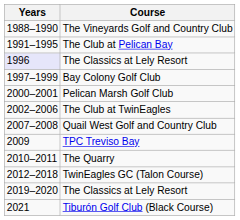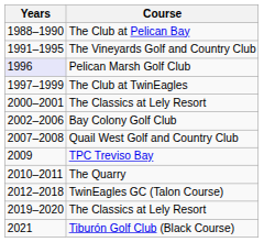 <table class=wikitable>
 <tr>
 <th>Years</th>
 <th>Course</th>
 </tr>
 <tr>
 <td>1988–1990</td>
+<td>The Club at <a href='#'>Pelican Bay</a></td>
+</tr>
+<tr>
+<td>1991–1995</td>
 <td>The Vineyards Golf and Country Club</td>
 </tr>
 <tr>
-<td>1991–1995</td>
-<td>The Club at <a href='#'>Pelican Bay</a></td>
+<td style="background: lavender;">1996</td>
+<td>Pelican Marsh Golf Club</td>
 </tr>
 <tr>
-<td style="background: lavender;">1996</td>
+<td>1997–1999</td>
+<td>The Club at TwinEagles</td>
+</tr>
+<tr>
+<td>2000–2001</td>
 <td>The Classics at Lely Resort</td>
 </tr>
 <tr>
-<td>1997–1999</td>
+<td>2002–2006</td>
 <td>Bay Colony Golf Club</td>
-</tr>
-<tr>
-<td>2000–2001</td>
-<td>Pelican Marsh Golf Club</td>
-</tr>
-<tr>
-<td>2002–2006</td>
-<td>The Club at TwinEagles</td>
 </tr>
 <tr>
 <td>2007–2008</td>
 <td>Quail West Golf and Country Club</td>
 </tr>
 <tr>
 <td>2009</td>
 <td><a href='#'>TPC Treviso Bay</a></td>
 </tr>
 <tr>
 <td>2010–2011</td>
 <td>The Quarry</td>
 </tr>
 <tr>
 <td>2012–2018</td>
 <td>TwinEagles GC (Talon Course)</td>
 </tr>
 <tr>
 <td>2019–2020</td>
 <td>The Classics at Lely Resort</td>
 </tr>
 <tr>
 <td>2021</td>
 <td><a href='#'>Tiburón Golf Club</a> (Black Course)</td>
 </tr>
 </table>
